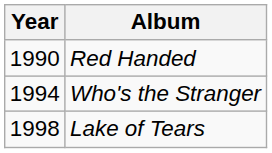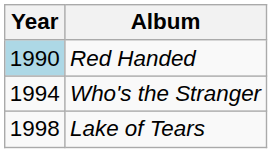 <table class="wikitable">
 <tr>
 <th>Year</th>
 <th>Album</th>
 </tr>
 <tr>
-<td>1990</td>
+<td style="background: lightblue;">1990</td>
 <td><em>Red Handed</em></td>
 </tr>
 <tr>
 <td>1994</td>
 <td><em>Who's the Stranger</em></td>
 </tr>
 <tr>
 <td>1998</td>
 <td><em>Lake of Tears</em></td>
 </tr>
 </table>
